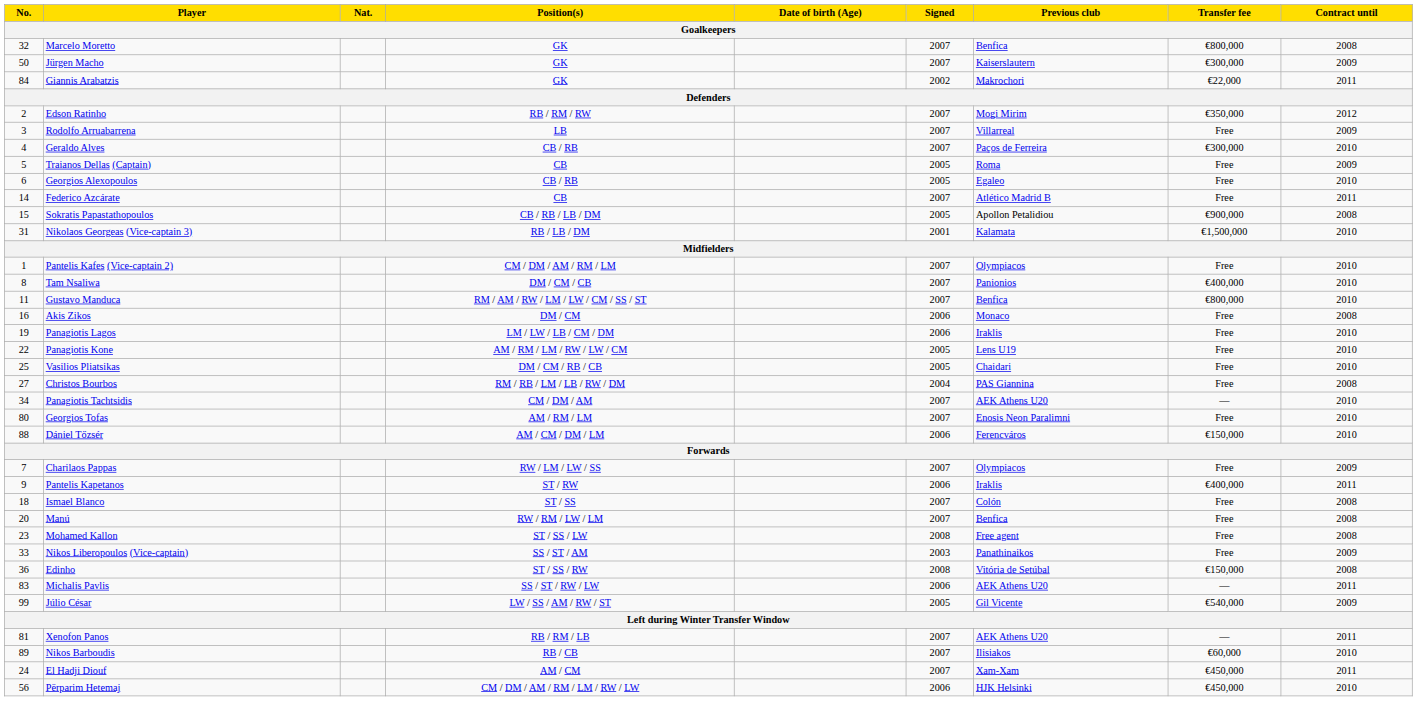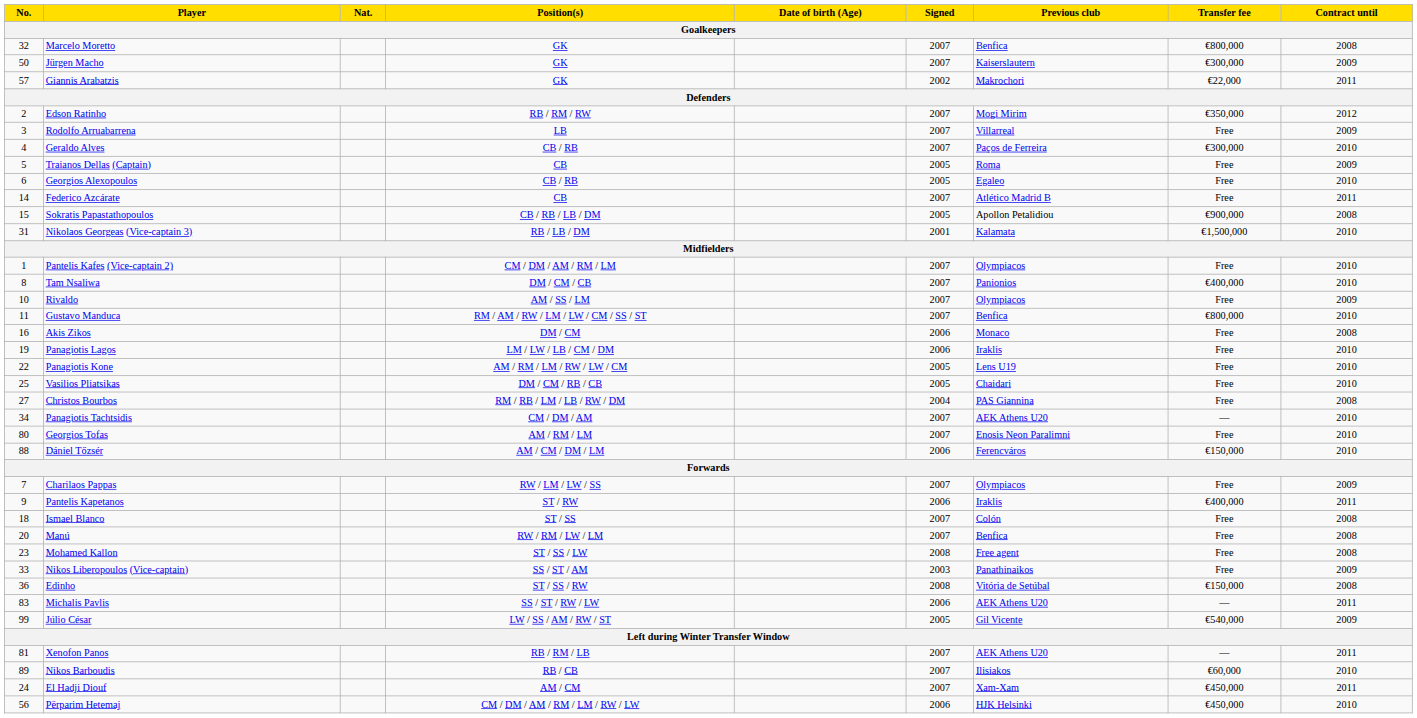 <table class="wikitable" style="text-align:center; font-size:90%; width:100%">
 <tr>
 <th style="background:#FFDE00">No.</th>
 <th style="background:#FFDE00">Player</th>
 <th style="background:#FFDE00">Nat.</th>
 <th style="background:#FFDE00">Position(s)</th>
 <th style="background:#FFDE00">Date of birth (Age)</th>
 <th style="background:#FFDE00">Signed</th>
 <th style="background:#FFDE00">Previous club</th>
 <th style="background:#FFDE00">Transfer fee</th>
 <th style="background:#FFDE00">Contract until</th>
 </tr>
 <tr>
 <th colspan="9">Goalkeepers</th>
 </tr>
 <tr>
 <td>32</td>
 <td align=left><a href='#'>Marcelo Moretto</a></td>
 <td></td>
 <td><a href='#'>GK</a></td>
 <td></td>
 <td>2007</td>
 <td align=left> <a href='#'>Benfica</a></td>
 <td>€800,000</td>
 <td>2008</td>
 </tr>
 <tr>
 <td>50</td>
 <td align=left><a href='#'>Jürgen Macho</a></td>
 <td></td>
 <td><a href='#'>GK</a></td>
 <td></td>
 <td>2007</td>
 <td align=left> <a href='#'>Kaiserslautern</a></td>
 <td>€300,000</td>
 <td>2009</td>
 </tr>
 <tr>
-<td>84</td>
+<td>57</td>
 <td align=left><a href='#'>Giannis Arabatzis</a></td>
 <td></td>
 <td><a href='#'>GK</a></td>
 <td></td>
 <td>2002</td>
 <td align=left> <a href='#'>Makrochori</a></td>
 <td>€22,000</td>
 <td>2011</td>
 </tr>
 <tr>
 <th colspan="9">Defenders</th>
 </tr>
 <tr>
 <td>2</td>
 <td align=left><a href='#'>Edson Ratinho</a></td>
 <td></td>
 <td><a href='#'>RB</a> / <a href='#'>RM</a> / <a href='#'>RW</a></td>
 <td></td>
 <td>2007</td>
 <td align=left> <a href='#'>Mogi Mirim</a></td>
 <td>€350,000</td>
 <td>2012</td>
 </tr>
 <tr>
 <td>3</td>
 <td align=left><a href='#'>Rodolfo Arruabarrena</a></td>
 <td></td>
 <td><a href='#'>LB</a></td>
 <td></td>
 <td>2007</td>
 <td align=left> <a href='#'>Villarreal</a></td>
 <td>Free</td>
 <td>2009</td>
 </tr>
 <tr>
 <td>4</td>
 <td align=left><a href='#'>Geraldo Alves</a></td>
 <td></td>
 <td><a href='#'>CB</a> / <a href='#'>RB</a></td>
 <td></td>
 <td>2007</td>
 <td align=left> <a href='#'>Paços de Ferreira</a></td>
 <td>€300,000</td>
 <td>2010</td>
 </tr>
 <tr>
 <td>5</td>
 <td align=left><a href='#'>Traianos Dellas</a> <a href='#'>(Captain)</a></td>
 <td></td>
 <td><a href='#'>CB</a></td>
 <td></td>
 <td>2005</td>
 <td align=left> <a href='#'>Roma</a></td>
 <td>Free</td>
 <td>2009</td>
 </tr>
 <tr>
 <td>6</td>
 <td align=left><a href='#'>Georgios Alexopoulos</a></td>
 <td></td>
 <td><a href='#'>CB</a> / <a href='#'>RB</a></td>
 <td></td>
 <td>2005</td>
 <td align=left> <a href='#'>Egaleo</a></td>
 <td>Free</td>
 <td>2010</td>
 </tr>
 <tr>
 <td>14</td>
 <td align=left><a href='#'>Federico Azcárate</a></td>
 <td></td>
 <td><a href='#'>CB</a></td>
 <td></td>
 <td>2007</td>
 <td align=left> <a href='#'>Atlético Madrid B</a></td>
 <td>Free</td>
 <td>2011</td>
 </tr>
 <tr>
 <td>15</td>
 <td align=left><a href='#'>Sokratis Papastathopoulos</a></td>
 <td></td>
 <td><a href='#'>CB</a> / <a href='#'>RB</a> / <a href='#'>LB</a> / <a href='#'>DM</a></td>
 <td></td>
 <td>2005</td>
 <td align=left> Apollon Petalidiou</td>
 <td>€900,000</td>
 <td>2008</td>
 </tr>
 <tr>
 <td>31</td>
 <td align=left><a href='#'>Nikolaos Georgeas</a> <a href='#'>(Vice-captain 3)</a></td>
 <td></td>
 <td><a href='#'>RB</a> / <a href='#'>LB</a> / <a href='#'>DM</a></td>
 <td></td>
 <td>2001</td>
 <td align=left> <a href='#'>Kalamata</a></td>
 <td>€1,500,000</td>
 <td>2010</td>
 </tr>
 <tr>
 <th colspan="9">Midfielders</th>
 </tr>
 <tr>
 <td>1</td>
 <td align=left><a href='#'>Pantelis Kafes</a> <a href='#'>(Vice-captain 2)</a></td>
 <td></td>
 <td><a href='#'>CM</a> / <a href='#'>DM</a> / <a href='#'>AM</a> / <a href='#'>RM</a> / <a href='#'>LM</a></td>
 <td></td>
 <td>2007</td>
 <td align=left> <a href='#'>Olympiacos</a></td>
 <td>Free</td>
 <td>2010</td>
 </tr>
 <tr>
 <td>8</td>
 <td align=left><a href='#'>Tam Nsaliwa</a></td>
 <td></td>
 <td><a href='#'>DM</a> / <a href='#'>CM</a> / <a href='#'>CB</a></td>
 <td></td>
 <td>2007</td>
 <td align=left> <a href='#'>Panionios</a></td>
 <td>€400,000</td>
 <td>2010</td>
+</tr>
+<tr>
+<td>10</td>
+<td align=left><a href='#'>Rivaldo</a></td>
+<td></td>
+<td><a href='#'>AM</a> / <a href='#'>SS</a> / <a href='#'>LM</a></td>
+<td></td>
+<td>2007</td>
+<td align=left> <a href='#'>Olympiacos</a></td>
+<td>Free</td>
+<td>2009</td>
 </tr>
 <tr>
 <td>11</td>
 <td align=left><a href='#'>Gustavo Manduca</a></td>
 <td></td>
 <td><a href='#'>RM</a> / <a href='#'>AM</a> / <a href='#'>RW</a> / <a href='#'>LM</a> / <a href='#'>LW</a> / <a href='#'>CM</a> / <a href='#'>SS</a> / <a href='#'>ST</a></td>
 <td></td>
 <td>2007</td>
 <td align=left> <a href='#'>Benfica</a></td>
 <td>€800,000</td>
 <td>2010</td>
 </tr>
 <tr>
 <td>16</td>
 <td align=left><a href='#'>Akis Zikos</a></td>
 <td></td>
 <td><a href='#'>DM</a> / <a href='#'>CM</a></td>
 <td></td>
 <td>2006</td>
 <td align=left> <a href='#'>Monaco</a></td>
 <td>Free</td>
 <td>2008</td>
 </tr>
 <tr>
 <td>19</td>
 <td align=left><a href='#'>Panagiotis Lagos</a></td>
 <td></td>
 <td><a href='#'>LM</a> / <a href='#'>LW</a> / <a href='#'>LB</a> / <a href='#'>CM</a> / <a href='#'>DM</a></td>
 <td></td>
 <td>2006</td>
 <td align=left> <a href='#'>Iraklis</a></td>
 <td>Free</td>
 <td>2010</td>
 </tr>
 <tr>
 <td>22</td>
 <td align=left><a href='#'>Panagiotis Kone</a></td>
 <td></td>
 <td><a href='#'>AM</a> / <a href='#'>RM</a> / <a href='#'>LM</a> / <a href='#'>RW</a> / <a href='#'>LW</a> / <a href='#'>CM</a></td>
 <td></td>
 <td>2005</td>
 <td align=left> <a href='#'>Lens U19</a></td>
 <td>Free</td>
 <td>2010</td>
 </tr>
 <tr>
 <td>25</td>
 <td align=left><a href='#'>Vasilios Pliatsikas</a></td>
 <td></td>
 <td><a href='#'>DM</a> / <a href='#'>CM</a> / <a href='#'>RB</a> / <a href='#'>CB</a></td>
 <td></td>
 <td>2005</td>
 <td align=left> <a href='#'>Chaidari</a></td>
 <td>Free</td>
 <td>2010</td>
 </tr>
 <tr>
 <td>27</td>
 <td align=left><a href='#'>Christos Bourbos</a></td>
 <td></td>
 <td><a href='#'>RM</a> / <a href='#'>RB</a> / <a href='#'>LM</a> / <a href='#'>LB</a> / <a href='#'>RW</a> / <a href='#'>DM</a></td>
 <td></td>
 <td>2004</td>
 <td align=left> <a href='#'>PAS Giannina</a></td>
 <td>Free</td>
 <td>2008</td>
 </tr>
 <tr>
 <td>34</td>
 <td align=left><a href='#'>Panagiotis Tachtsidis</a></td>
 <td></td>
 <td><a href='#'>CM</a> / <a href='#'>DM</a> / <a href='#'>AM</a></td>
 <td></td>
 <td>2007</td>
 <td align=left> <a href='#'>AEK Athens U20</a></td>
 <td>—</td>
 <td>2010</td>
 </tr>
 <tr>
 <td>80</td>
 <td align=left><a href='#'>Georgios Tofas</a></td>
 <td></td>
 <td><a href='#'>AM</a> / <a href='#'>RM</a> / <a href='#'>LM</a></td>
 <td></td>
 <td>2007</td>
 <td align=left> <a href='#'>Enosis Neon Paralimni</a></td>
 <td>Free</td>
 <td>2010</td>
 </tr>
 <tr>
 <td>88</td>
 <td align=left><a href='#'>Dániel Tőzsér</a></td>
 <td></td>
 <td><a href='#'>AM</a> / <a href='#'>CM</a> / <a href='#'>DM</a> / <a href='#'>LM</a></td>
 <td></td>
 <td>2006</td>
 <td align=left> <a href='#'>Ferencváros</a></td>
 <td>€150,000</td>
 <td>2010</td>
 </tr>
 <tr>
 <th colspan="9">Forwards</th>
 </tr>
 <tr>
 <td>7</td>
 <td align=left><a href='#'>Charilaos Pappas</a></td>
 <td></td>
 <td><a href='#'>RW</a> / <a href='#'>LM</a> / <a href='#'>LW</a> / <a href='#'>SS</a></td>
 <td></td>
 <td>2007</td>
 <td align=left> <a href='#'>Olympiacos</a></td>
 <td>Free</td>
 <td>2009</td>
 </tr>
 <tr>
 <td>9</td>
 <td align=left><a href='#'>Pantelis Kapetanos</a></td>
 <td></td>
 <td><a href='#'>ST</a> / <a href='#'>RW</a></td>
 <td></td>
 <td>2006</td>
 <td align=left> <a href='#'>Iraklis</a></td>
 <td>€400,000</td>
 <td>2011</td>
 </tr>
 <tr>
 <td>18</td>
 <td align=left><a href='#'>Ismael Blanco</a></td>
 <td></td>
 <td><a href='#'>ST</a> / <a href='#'>SS</a></td>
 <td></td>
 <td>2007</td>
 <td align=left> <a href='#'>Colón</a></td>
 <td>Free</td>
 <td>2008</td>
 </tr>
 <tr>
 <td>20</td>
 <td align=left><a href='#'>Manú</a></td>
 <td></td>
 <td><a href='#'>RW</a> / <a href='#'>RM</a> / <a href='#'>LW</a> / <a href='#'>LM</a></td>
 <td></td>
 <td>2007</td>
 <td align=left> <a href='#'>Benfica</a></td>
 <td>Free</td>
 <td>2008</td>
 </tr>
 <tr>
 <td>23</td>
 <td align=left><a href='#'>Mohamed Kallon</a></td>
 <td></td>
 <td><a href='#'>ST</a> / <a href='#'>SS</a> / <a href='#'>LW</a></td>
 <td></td>
 <td>2008</td>
 <td align=left><a href='#'>Free agent</a></td>
 <td>Free</td>
 <td>2008</td>
 </tr>
 <tr>
 <td>33</td>
 <td align=left><a href='#'>Nikos Liberopoulos</a> <a href='#'>(Vice-captain)</a></td>
 <td></td>
 <td><a href='#'>SS</a> / <a href='#'>ST</a> / <a href='#'>AM</a></td>
 <td></td>
 <td>2003</td>
 <td align=left> <a href='#'>Panathinaikos</a></td>
 <td>Free</td>
 <td>2009</td>
 </tr>
 <tr>
 <td>36</td>
 <td align=left><a href='#'>Edinho</a></td>
 <td></td>
 <td><a href='#'>ST</a> / <a href='#'>SS</a> / <a href='#'>RW</a></td>
 <td></td>
 <td>2008</td>
 <td align=left> <a href='#'>Vitória de Setúbal</a></td>
 <td>€150,000</td>
 <td>2008</td>
 </tr>
 <tr>
 <td>83</td>
 <td align=left><a href='#'>Michalis Pavlis</a></td>
 <td></td>
 <td><a href='#'>SS</a> / <a href='#'>ST</a> / <a href='#'>RW</a> / <a href='#'>LW</a></td>
 <td></td>
 <td>2006</td>
 <td align=left> <a href='#'>AEK Athens U20</a></td>
 <td>—</td>
 <td>2011</td>
 </tr>
 <tr>
 <td>99</td>
 <td align=left><a href='#'>Júlio César</a></td>
 <td></td>
 <td><a href='#'>LW</a> / <a href='#'>SS</a> / <a href='#'>AM</a> / <a href='#'>RW</a> / <a href='#'>ST</a></td>
 <td></td>
 <td>2005</td>
 <td align=left> <a href='#'>Gil Vicente</a></td>
 <td>€540,000</td>
 <td>2009</td>
 </tr>
 <tr>
 <th colspan="9">Left during Winter Transfer Window</th>
 </tr>
 <tr>
 <td>81</td>
 <td align=left><a href='#'>Xenofon Panos</a></td>
 <td></td>
 <td><a href='#'>RB</a> / <a href='#'>RM</a> / <a href='#'>LB</a></td>
 <td></td>
 <td>2007</td>
 <td align=left> <a href='#'>AEK Athens U20</a></td>
 <td>—</td>
 <td>2011</td>
 </tr>
 <tr>
 <td>89</td>
 <td align=left><a href='#'>Nikos Barboudis</a></td>
 <td></td>
 <td><a href='#'>RB</a> / <a href='#'>CB</a></td>
 <td></td>
 <td>2007</td>
 <td align=left> <a href='#'>Ilisiakos</a></td>
 <td>€60,000</td>
 <td>2010</td>
 </tr>
 <tr>
 <td>24</td>
 <td align=left><a href='#'>El Hadji Diouf</a></td>
 <td></td>
 <td><a href='#'>AM</a> / <a href='#'>CM</a></td>
 <td></td>
 <td>2007</td>
 <td align=left> <a href='#'>Xam-Xam</a></td>
 <td>€450,000</td>
 <td>2011</td>
 </tr>
 <tr>
 <td>56</td>
 <td align=left><a href='#'>Përparim Hetemaj</a></td>
 <td></td>
 <td><a href='#'>CM</a> / <a href='#'>DM</a> / <a href='#'>AM</a> / <a href='#'>RM</a> / <a href='#'>LM</a> / <a href='#'>RW</a> / <a href='#'>LW</a></td>
 <td></td>
 <td>2006</td>
 <td align=left> <a href='#'>HJK Helsinki</a></td>
 <td>€450,000</td>
 <td>2010</td>
 </tr>
 </table>
